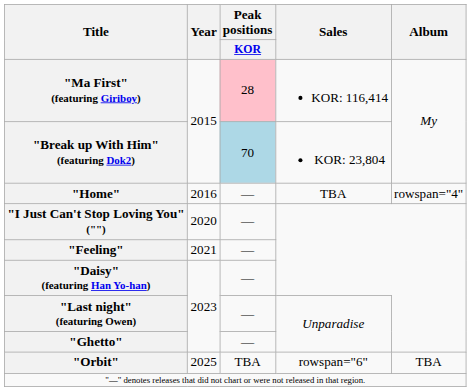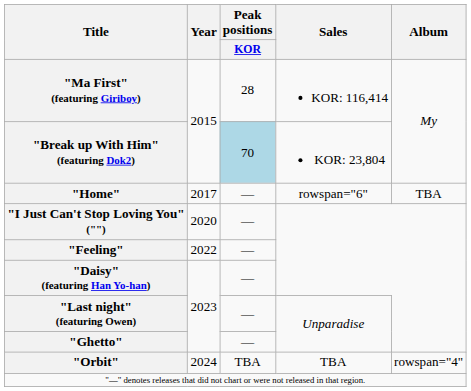 <table class="wikitable plainrowheaders" style="text-align:center;">
 <tr>
 <th scope="col" rowspan="2">Title</th>
 <th scope="col" rowspan="2">Year</th>
 <th scope="col">Peak positions</th>
 <th scope="col" rowspan="2">Sales</th>
 <th scope="col" rowspan="2">Album</th>
 </tr>
 <tr>
 <th scope="col" style="width:2.5em;font-size:90%;"><a href='#'>KOR</a><br></th>
 </tr>
 <tr>
 <th scope="row">"Ma First"<br><small>(featuring <a href='#'>Giriboy</a>)</small></th>
 <td rowspan="2">2015</td>
-<td style="background: pink;">28</td>
+<td>28</td>
 <td><br><ul><li>KOR: 116,414</li></ul></td>
 <td rowspan="2"><em>My</em></td>
 </tr>
 <tr>
 <th scope="row">"Break up With Him"<br><small>(featuring <a href='#'>Dok2</a>)</small></th>
 <td style="background: lightblue;">70</td>
 <td><br><ul><li>KOR: 23,804</li></ul></td>
 </tr>
 <tr>
 <th scope="row">"Home"</th>
-<td>2016</td>
+<td>2017</td>
 <td>—</td>
+<td>rowspan="6" </td>
 <td>TBA</td>
-<td>rowspan="4" </td>
 </tr>
 <tr>
 <th scope="row">"I Just Can't Stop Loving You"<br><small>("")</small></th>
 <td>2020</td>
 <td>—</td>
 </tr>
 <tr>
 <th scope="row">"Feeling"</th>
-<td>2021</td>
+<td>2022</td>
 <td>—</td>
 </tr>
 <tr>
 <th scope="row">"Daisy"<br><small>(featuring <a href='#'>Han Yo-han</a>)</small></th>
 <td rowspan="3">2023</td>
 <td>—</td>
 </tr>
 <tr>
 <th scope="row">"Last night"<br><small>(featuring Owen)</small></th>
 <td>—</td>
 <td rowspan="2"><em>Unparadise</em></td>
 </tr>
 <tr>
 <th scope="row">"Ghetto"</th>
 <td>—</td>
 </tr>
 <tr>
 <th scope="row">"Orbit"</th>
-<td>2025</td>
+<td>2024</td>
 <td>TBA</td>
-<td>rowspan="6" </td>
 <td>TBA</td>
+<td>rowspan="4" </td>
 </tr>
 <tr>
 <td colspan="5" style="text-align:center; font-size:8pt;">"—" denotes releases that did not chart or were not released in that region.</td>
 </tr>
 </table>
